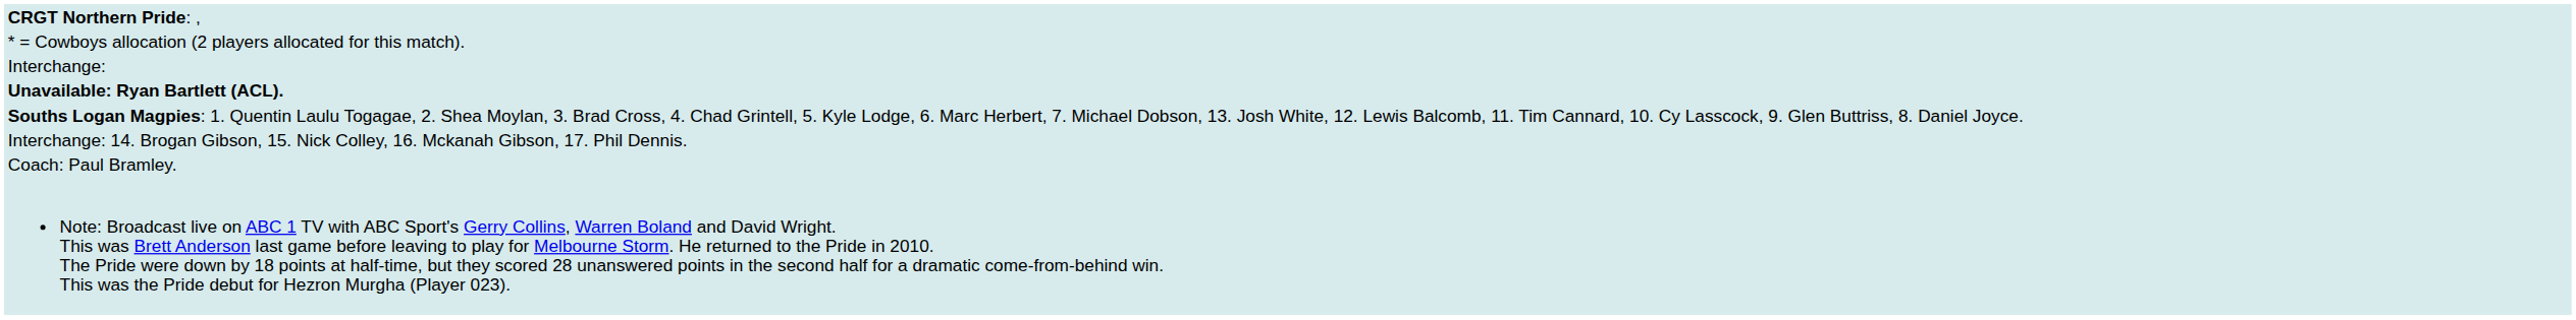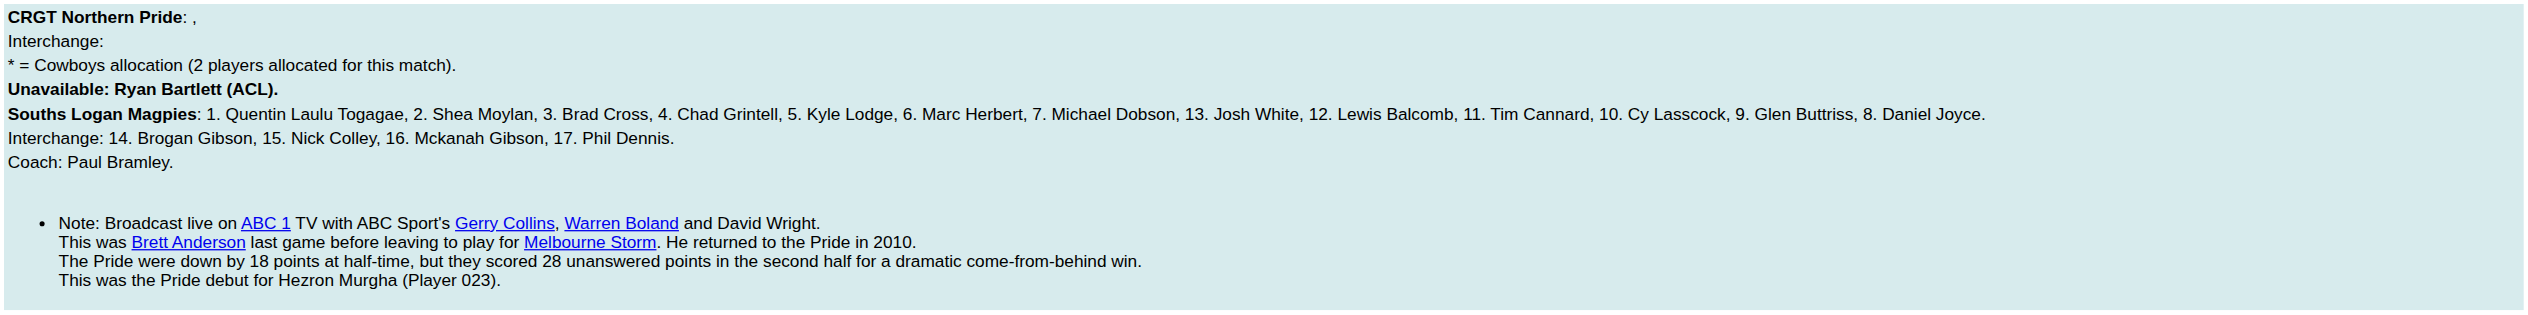 <table style="background:#d7ebed; font-size:85%; width:100%;">
 <tr>
 <td><strong>CRGT Northern Pride</strong>:     ,        </td>
 </tr>
 <tr>
-<td>* = Cowboys allocation (2 players allocated for this match).</td>
+<td>Interchange:    </td>
 </tr>
 <tr>
-<td>Interchange:    </td>
+<td>* = Cowboys allocation (2 players allocated for this match).</td>
 </tr>
 <tr>
 <td><strong>Unavailable: Ryan Bartlett (ACL).</strong></td>
 </tr>
 <tr>
 <td><strong>Souths Logan Magpies</strong>: 1. Quentin Laulu Togagae, 2. Shea Moylan, 3. Brad Cross, 4. Chad Grintell, 5. Kyle Lodge, 6. Marc Herbert, 7. Michael Dobson, 13. Josh White, 12. Lewis Balcomb, 11. Tim Cannard, 10. Cy Lasscock, 9. Glen Buttriss, 8. Daniel Joyce.</td>
 </tr>
 <tr>
 <td>Interchange: 14. Brogan Gibson, 15. Nick Colley, 16. Mckanah Gibson, 17. Phil Dennis.</td>
 </tr>
 <tr>
 <td>Coach: Paul Bramley.</td>
 </tr>
 <tr>
 <td><br><ul><li>Note: Broadcast live on <a href='#'>ABC 1</a> TV with ABC Sport's <a href='#'>Gerry Collins</a>, <a href='#'>Warren Boland</a> and David Wright.<br>This was <a href='#'>Brett Anderson</a> last game before leaving to play for <a href='#'>Melbourne Storm</a>. He returned to the Pride in 2010.<br>The Pride were down by 18 points at half-time, but they scored 28 unanswered points in the second half for a dramatic come-from-behind win.<br>This was the Pride debut for Hezron Murgha (Player 023).</li></ul></td>
 </tr>
 </table>
